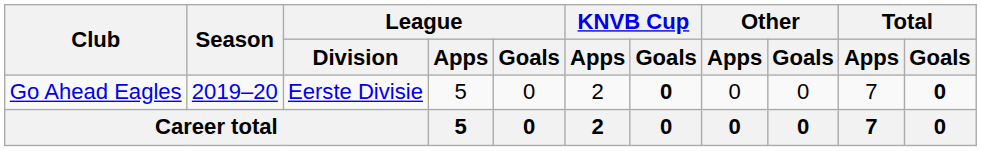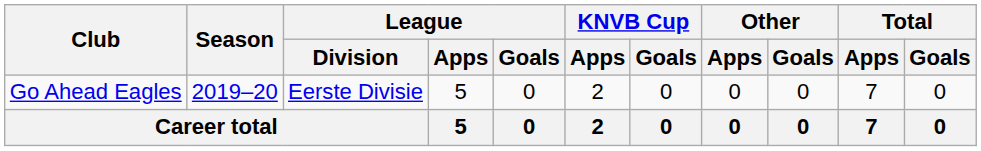 <table class="wikitable" style="text-align: center">
 <tr>
 <th rowspan="2">Club</th>
 <th rowspan="2">Season</th>
 <th colspan="3">League</th>
 <th colspan="2"><a href='#'>KNVB Cup</a></th>
 <th colspan="2">Other</th>
 <th colspan="2">Total</th>
 </tr>
 <tr>
 <th>Division</th>
 <th>Apps</th>
 <th>Goals</th>
 <th>Apps</th>
 <th>Goals</th>
 <th>Apps</th>
 <th>Goals</th>
 <th>Apps</th>
 <th>Goals</th>
 </tr>
 <tr>
 <td><a href='#'>Go Ahead Eagles</a></td>
 <td><a href='#'>2019–20</a></td>
 <td><a href='#'>Eerste Divisie</a></td>
 <td>5</td>
 <td>0</td>
 <td>2</td>
-<td><strong>0</strong></td>
+<td>0</td>
 <td>0</td>
 <td>0</td>
 <td>7</td>
-<td><strong>0</strong></td>
+<td>0</td>
 </tr>
 <tr>
 <th colspan="3">Career total</th>
 <th>5</th>
 <th>0</th>
 <th>2</th>
 <th>0</th>
 <th>0</th>
 <th>0</th>
 <th>7</th>
 <th>0</th>
 </tr>
 </table>
